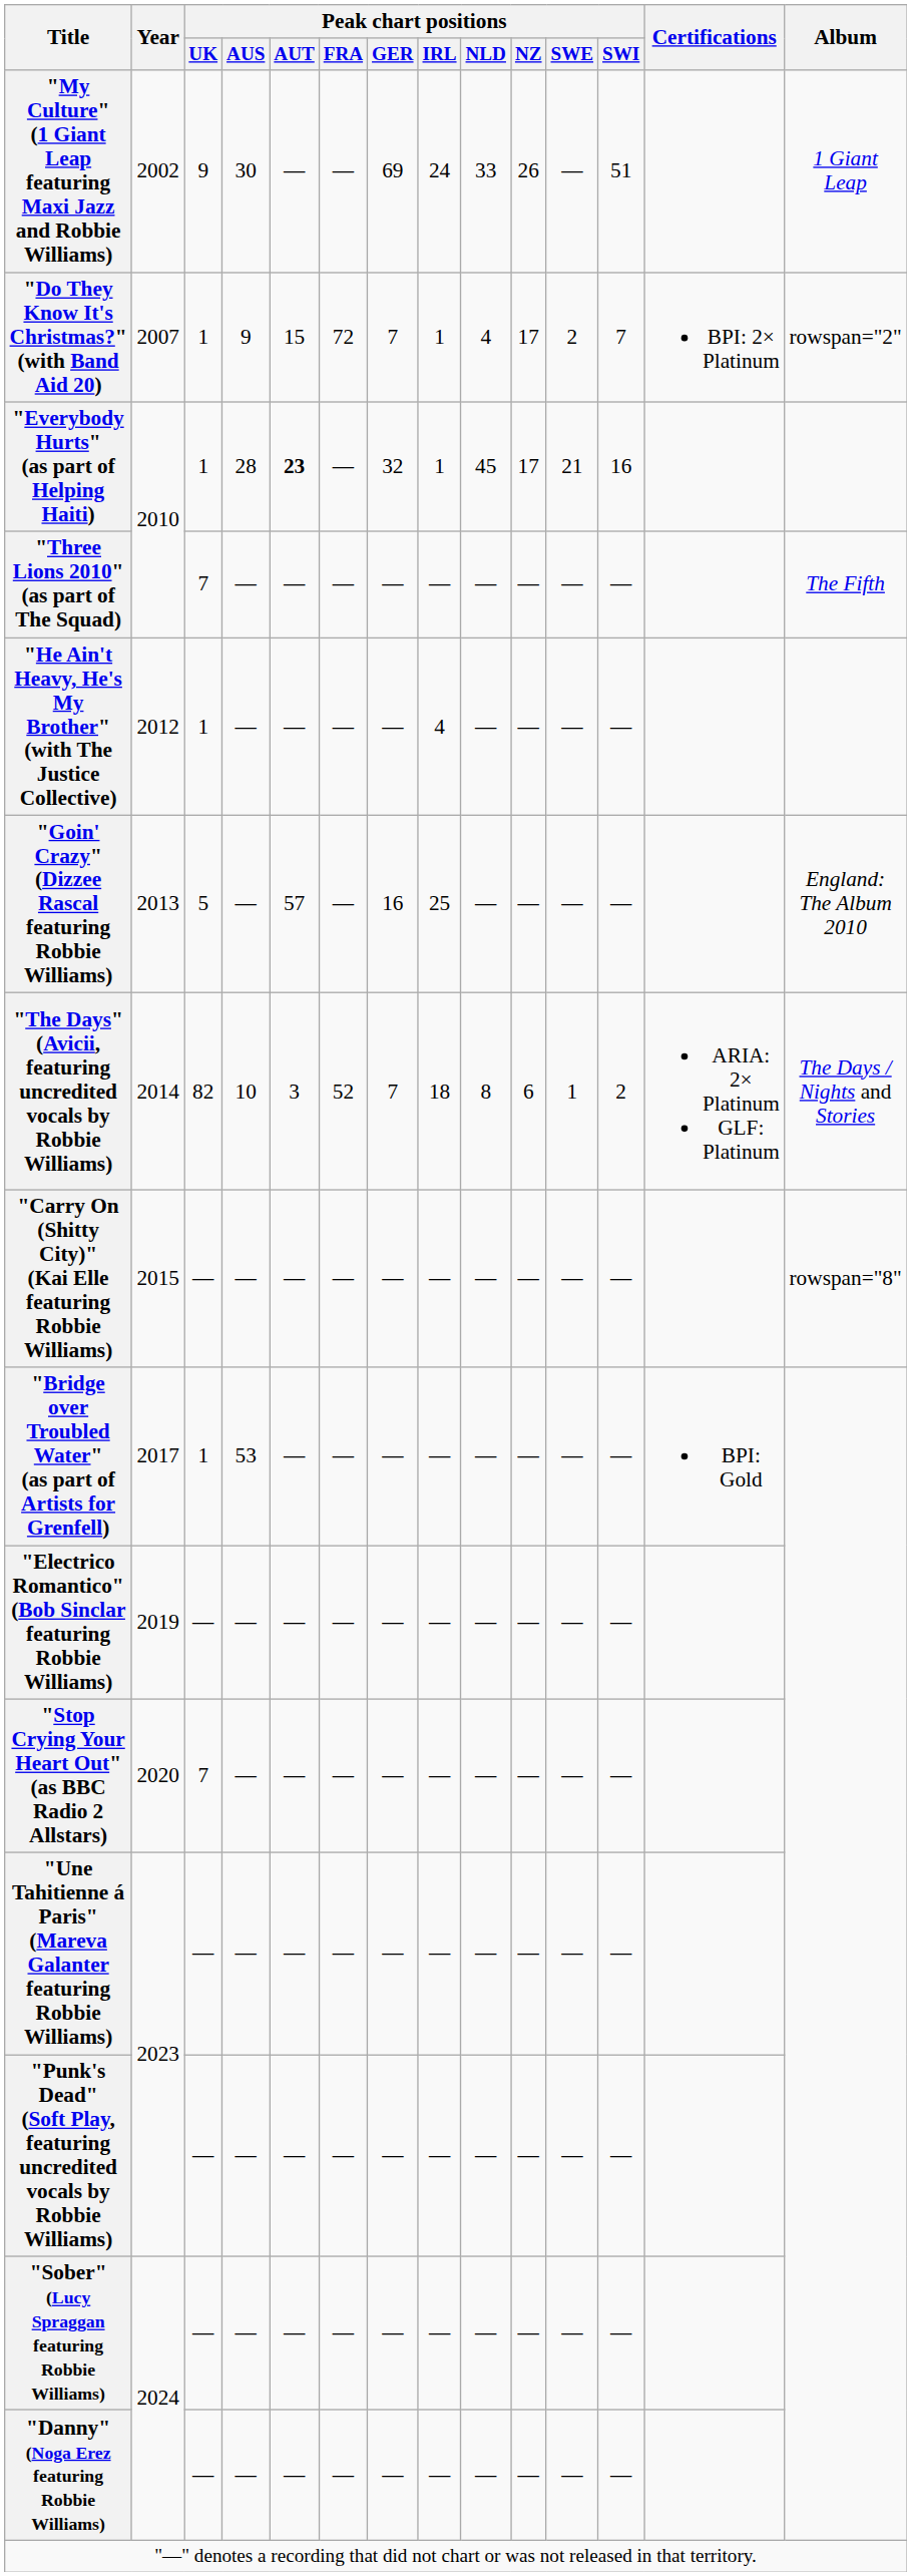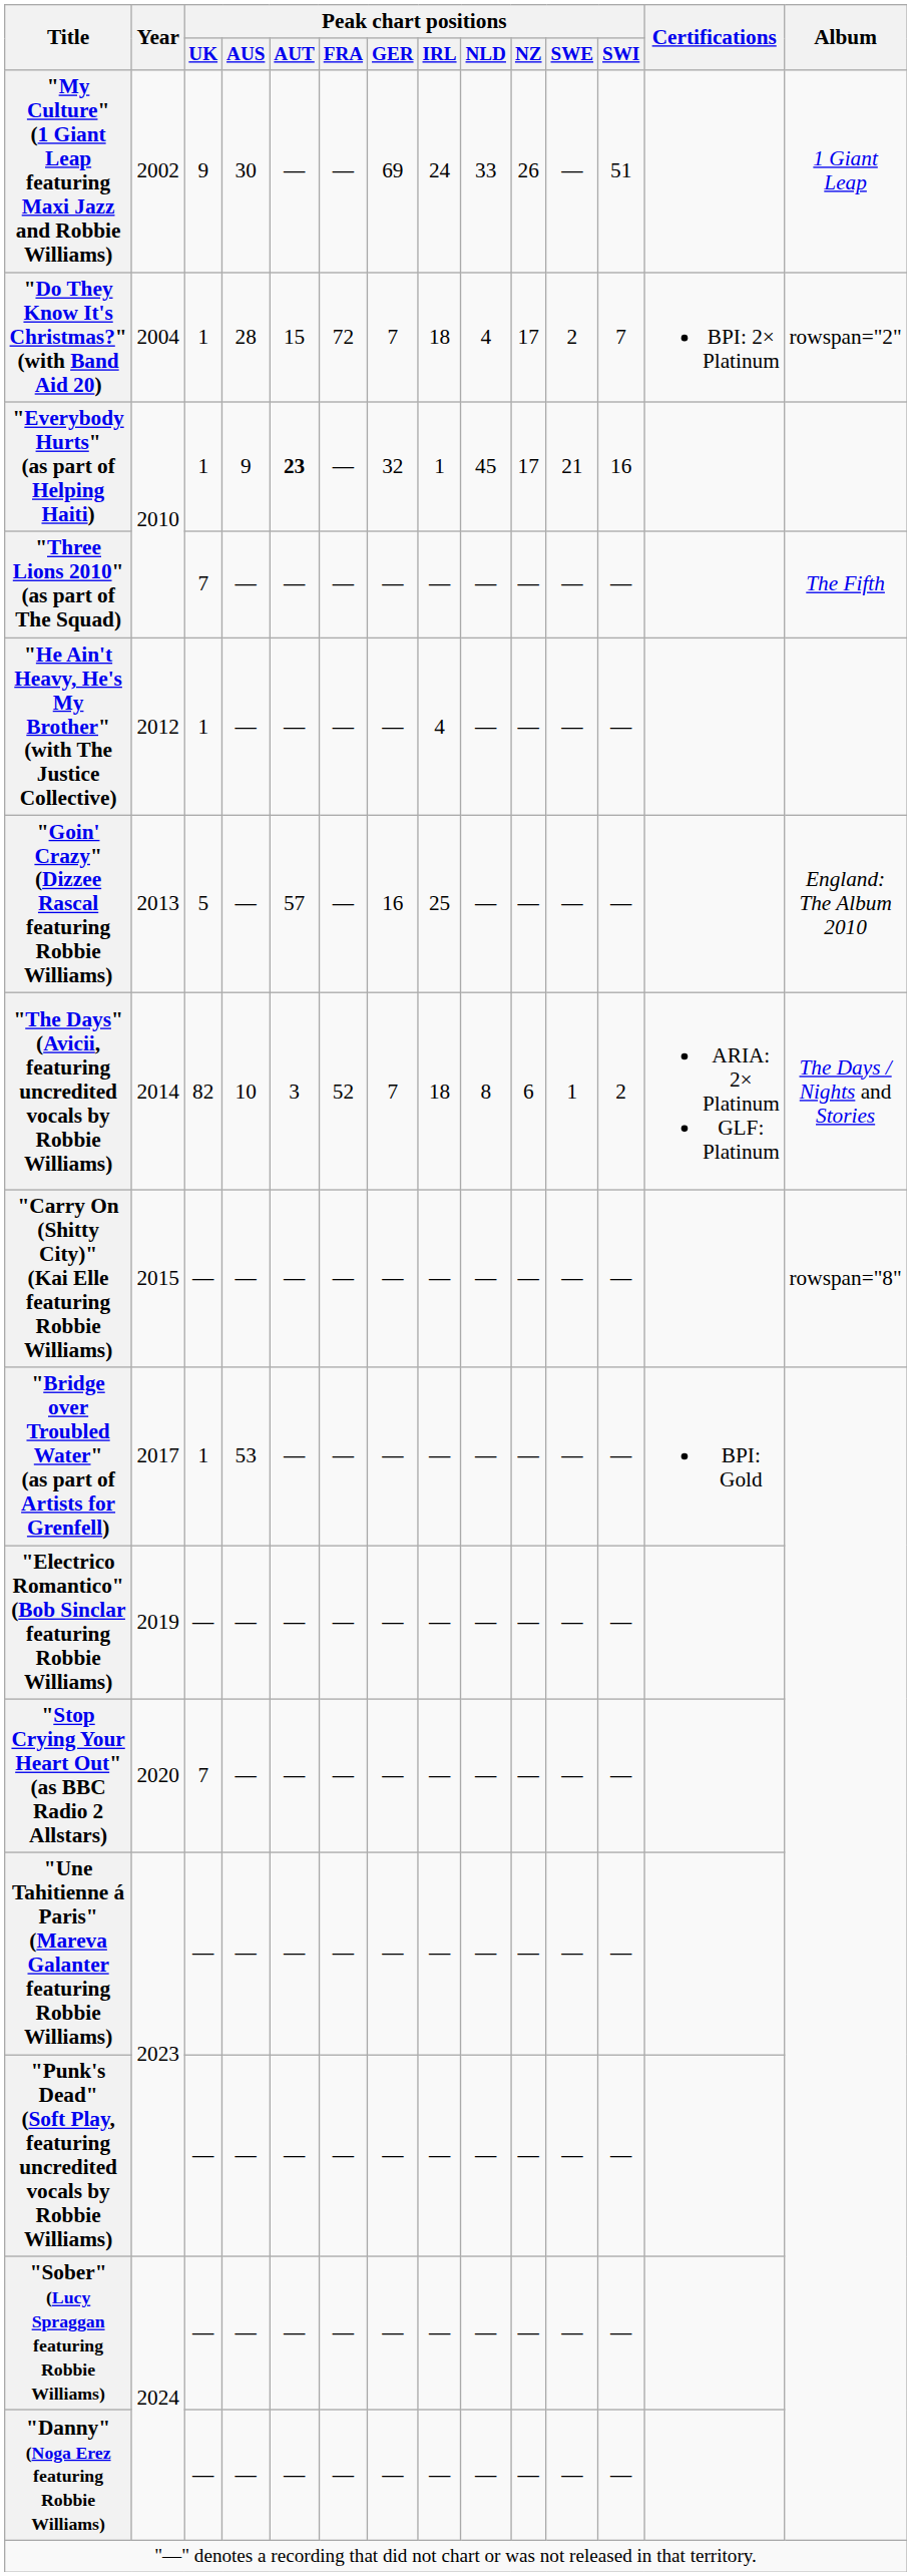 <table class="wikitable plainrowheaders" style="text-align:center;">
 <tr>
 <th scope="col" rowspan="2" style="width:20em;">Title</th>
 <th scope="col" rowspan="2">Year</th>
 <th scope="col" colspan="10">Peak chart positions</th>
 <th scope="col" rowspan="2" style="width:12em;"><a href='#'>Certifications</a></th>
 <th scope="col" rowspan="2">Album</th>
 </tr>
 <tr>
 <th scope="col" style="width:3em;font-size:90%;"><a href='#'>UK</a><br></th>
 <th scope="col" style="width:3em;font-size:90%;"><a href='#'>AUS</a><br></th>
 <th scope="col" style="width:3em;font-size:90%;"><a href='#'>AUT</a><br></th>
 <th scope="col" style="width:3em;font-size:90%;"><a href='#'>FRA</a><br></th>
 <th scope="col" style="width:3em;font-size:90%;"><a href='#'>GER</a><br></th>
 <th scope="col" style="width:3em;font-size:90%;"><a href='#'>IRL</a><br></th>
 <th scope="col" style="width:3em;font-size:90%;"><a href='#'>NLD</a><br></th>
 <th scope="col" style="width:3em;font-size:90%;"><a href='#'>NZ</a><br></th>
 <th scope="col" style="width:3em;font-size:90%;"><a href='#'>SWE</a><br></th>
 <th scope="col" style="width:3em;font-size:90%;"><a href='#'>SWI</a><br></th>
 </tr>
 <tr>
 <th scope="row">"<a href='#'>My Culture</a>"<br><span>(<a href='#'>1 Giant Leap</a> featuring <a href='#'>Maxi Jazz</a> and Robbie Williams)</span></th>
 <td>2002</td>
 <td>9</td>
 <td>30</td>
 <td>—</td>
 <td>—</td>
 <td>69</td>
 <td>24</td>
 <td>33</td>
 <td>26</td>
 <td>—</td>
 <td>51</td>
 <td></td>
 <td><em><a href='#'>1 Giant Leap</a></em></td>
 </tr>
 <tr>
 <th scope="row">"<a href='#'>Do They Know It's Christmas?</a>"<br><span>(with <a href='#'>Band Aid 20</a>)</span></th>
-<td>2007</td>
+<td>2004</td>
 <td>1</td>
-<td>9</td>
+<td>28</td>
 <td>15</td>
 <td>72</td>
 <td>7</td>
-<td>1</td>
+<td>18</td>
 <td>4</td>
 <td>17</td>
 <td>2</td>
 <td>7</td>
 <td><br><ul><li>BPI: 2× Platinum</li></ul></td>
 <td>rowspan="2" </td>
 </tr>
 <tr>
 <th scope="row">"<a href='#'>Everybody Hurts</a>"<br><span>(as part of <a href='#'>Helping Haiti</a>)</span></th>
 <td rowspan="2">2010</td>
 <td>1</td>
-<td>28</td>
+<td>9</td>
 <td><strong>23</strong></td>
 <td>—</td>
 <td>32</td>
 <td>1</td>
 <td>45</td>
 <td>17</td>
 <td>21</td>
 <td>16</td>
 <td></td>
 </tr>
 <tr>
 <th scope="row">"<a href='#'>Three Lions 2010</a>"<br><span>(as part of The Squad)</span></th>
 <td>7</td>
 <td>—</td>
 <td>—</td>
 <td>—</td>
 <td>—</td>
 <td>—</td>
 <td>—</td>
 <td>—</td>
 <td>—</td>
 <td>—</td>
 <td></td>
 <td><em><a href='#'>The Fifth</a></em></td>
 </tr>
 <tr>
 <th scope="row">"<a href='#'>He Ain't Heavy, He's My Brother</a>"<br><span>(with The Justice Collective)</span></th>
 <td>2012</td>
 <td>1</td>
 <td>—</td>
 <td>—</td>
 <td>—</td>
 <td>—</td>
 <td>4</td>
 <td>—</td>
 <td>—</td>
 <td>—</td>
 <td>—</td>
 <td></td>
 <td></td>
 </tr>
 <tr>
 <th scope="row">"<a href='#'>Goin' Crazy</a>"<br><span>(<a href='#'>Dizzee Rascal</a> featuring Robbie Williams)</span></th>
 <td>2013</td>
 <td>5</td>
 <td>—</td>
 <td>57</td>
 <td>—</td>
 <td>16</td>
 <td>25</td>
 <td>—</td>
 <td>—</td>
 <td>—</td>
 <td>—</td>
 <td></td>
 <td><em>England: The Album 2010</em></td>
 </tr>
 <tr>
 <th scope="row">"<a href='#'>The Days</a>"<br><span>(<a href='#'>Avicii</a>, featuring uncredited vocals by Robbie Williams)</span></th>
 <td>2014</td>
 <td>82</td>
 <td>10</td>
 <td>3</td>
 <td>52</td>
 <td>7</td>
 <td>18</td>
 <td>8</td>
 <td>6</td>
 <td>1</td>
 <td>2</td>
 <td><br><ul><li>ARIA: 2× Platinum</li><li>GLF: Platinum</li></ul></td>
 <td><em><a href='#'>The Days / Nights</a></em> and <em><a href='#'>Stories</a></em></td>
 </tr>
 <tr>
 <th scope="row">"Carry On (Shitty City)"<br><span>(Kai Elle featuring Robbie Williams)</span></th>
 <td>2015</td>
 <td>—</td>
 <td>—</td>
 <td>—</td>
 <td>—</td>
 <td>—</td>
 <td>—</td>
 <td>—</td>
 <td>—</td>
 <td>—</td>
 <td>—</td>
 <td></td>
 <td>rowspan="8" </td>
 </tr>
 <tr>
 <th scope="row">"<a href='#'>Bridge over Troubled Water</a>"<br><span>(as part of <a href='#'>Artists for Grenfell</a>)</span></th>
 <td>2017</td>
 <td>1</td>
 <td>53</td>
 <td>—</td>
 <td>—</td>
 <td>—</td>
 <td>—</td>
 <td>—</td>
 <td>—</td>
 <td>—</td>
 <td>—</td>
 <td><br><ul><li>BPI: Gold</li></ul></td>
 </tr>
 <tr>
 <th scope="row">"Electrico Romantico"<br><span>(<a href='#'>Bob Sinclar</a> featuring Robbie Williams)</span></th>
 <td>2019</td>
 <td>—</td>
 <td>—</td>
 <td>—</td>
 <td>—</td>
 <td>—</td>
 <td>—</td>
 <td>—</td>
 <td>—</td>
 <td>—</td>
 <td>—</td>
 <td></td>
 </tr>
 <tr>
 <th scope="row">"<a href='#'>Stop Crying Your Heart Out</a>"<br><span>(as BBC Radio 2 Allstars)</span></th>
 <td>2020</td>
 <td>7</td>
 <td>—</td>
 <td>—</td>
 <td>—</td>
 <td>—</td>
 <td>—</td>
 <td>—</td>
 <td>—</td>
 <td>—</td>
 <td>—</td>
 <td></td>
 </tr>
 <tr>
 <th scope="row">"Une Tahitienne á Paris"<br><span>(<a href='#'>Mareva Galanter</a> featuring Robbie Williams)</span></th>
 <td rowspan="2">2023</td>
 <td>—</td>
 <td>—</td>
 <td>—</td>
 <td>—</td>
 <td>—</td>
 <td>—</td>
 <td>—</td>
 <td>—</td>
 <td>—</td>
 <td>—</td>
 <td></td>
 </tr>
 <tr>
 <th scope="row">"Punk's Dead"<br><span>(<a href='#'>Soft Play</a>, featuring uncredited vocals by Robbie Williams)</span></th>
 <td>—</td>
 <td>—</td>
 <td>—</td>
 <td>—</td>
 <td>—</td>
 <td>—</td>
 <td>—</td>
 <td>—</td>
 <td>—</td>
 <td>—</td>
 <td></td>
 </tr>
 <tr>
 <th scope="row">"Sober"<br><small>(<a href='#'>Lucy Spraggan</a> featuring Robbie Williams)</small></th>
 <td rowspan="2">2024</td>
 <td>—</td>
 <td>—</td>
 <td>—</td>
 <td>—</td>
 <td>—</td>
 <td>—</td>
 <td>—</td>
 <td>—</td>
 <td>—</td>
 <td>—</td>
 <td></td>
 </tr>
 <tr>
 <th scope="row">"Danny"<br><small>(<a href='#'>Noga Erez</a> featuring Robbie Williams)</small></th>
 <td>—</td>
 <td>—</td>
 <td>—</td>
 <td>—</td>
 <td>—</td>
 <td>—</td>
 <td>—</td>
 <td>—</td>
 <td>—</td>
 <td>—</td>
 <td></td>
 </tr>
 <tr>
 <td colspan="15" style="font-size:90%">"—" denotes a recording that did not chart or was not released in that territory.</td>
 </tr>
 </table>
